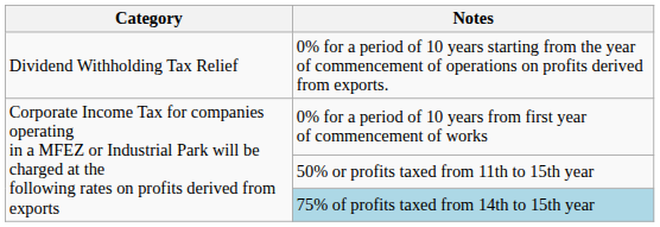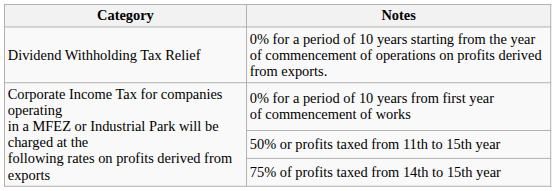 <table class="wikitable">
 <tr>
 <th>Category</th>
 <th>Notes</th>
 </tr>
 <tr>
 <td>Dividend Withholding Tax Relief</td>
 <td>0% for a period of 10 years starting from the year<br>of commencement of operations on profits derived  from exports.</td>
 </tr>
 <tr>
 <td rowspan="3">Corporate Income Tax for companies operating<br>in a MFEZ or Industrial Park will be charged at the<br>following rates on profits derived from exports</td>
 <td>0% for a period of 10 years from first year<br>of commencement of works</td>
 </tr>
 <tr>
 <td>50% or profits taxed from 11th to 15th year</td>
 </tr>
 <tr>
-<td style="background: lightblue;">75% of profits taxed from 14th to 15th year</td>
+<td>75% of profits taxed from 14th to 15th year</td>
 </tr>
 </table>
